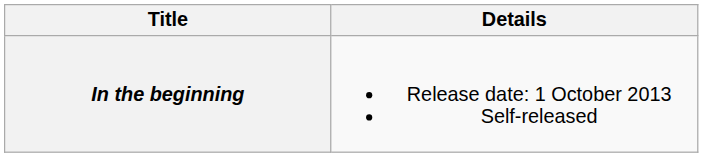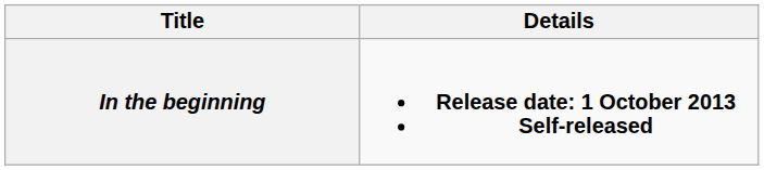 <table class="wikitable plainrowheaders" style="text-align:center;">
 <tr>
 <th style="width:16em;">Title</th>
 <th style="width:18em;">Details</th>
 </tr>
 <tr>
 <th scope="row"><em>In the beginning</em></th>
-<td><br><ul><li>Release date: 1 October 2013</li><li>Self-released</li></ul></td>
+<td><strong><br><ul><li>Release date: 1 October 2013</li><li>Self-released</li></ul></strong></td>
 </tr>
 </table>
